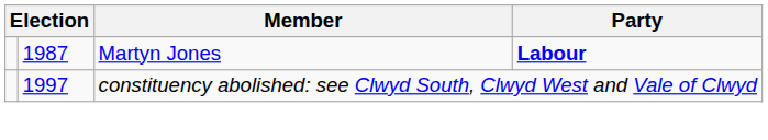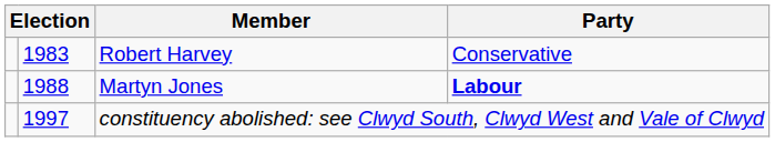 <table class="wikitable">
 <tr>
 <th colspan="2">Election</th>
 <th>Member</th>
 <th>Party</th>
 </tr>
 <tr>
 <td style="color:inherit;background-color: "></td>
-<td><a href='#'>1987</a></td>
+<td><a href='#'>1983</a></td>
+<td><a href='#'>Robert Harvey</a></td>
+<td><a href='#'>Conservative</a></td>
+</tr>
+<tr>
+<td style="color:inherit;background-color: "></td>
+<td><a href='#'>1988</a></td>
 <td><a href='#'>Martyn Jones</a></td>
 <td><strong><a href='#'>Labour</a></strong></td>
 </tr>
 <tr>
 <td></td>
 <td><a href='#'>1997</a></td>
 <td colspan="2"><em>constituency abolished: see <a href='#'>Clwyd South</a>, <a href='#'>Clwyd West</a> and <a href='#'>Vale of Clwyd</a></em></td>
 </tr>
 </table>
